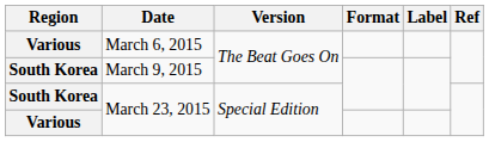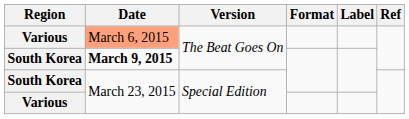 <table class="wikitable plainrowheaders">
 <tr>
 <th scope="col">Region</th>
 <th scope="col">Date</th>
 <th scope="col">Version</th>
 <th scope="col">Format</th>
 <th scope="col">Label</th>
 <th scope="col">Ref</th>
 </tr>
 <tr>
 <th scope="row">Various </th>
-<td>March 6, 2015</td>
+<td style="background: lightsalmon;">March 6, 2015</td>
 <td rowspan="2"><em>The Beat Goes On</em></td>
 <td></td>
 <td></td>
 <td rowspan="2"></td>
 </tr>
 <tr>
 <th scope="row">South Korea</th>
-<td>March 9, 2015</td>
+<td><strong>March 9, 2015</strong></td>
 <td rowspan="2"></td>
 <td rowspan="2"></td>
 </tr>
 <tr>
 <th scope="row">South Korea</th>
 <td rowspan="2">March 23, 2015</td>
 <td rowspan="2"><em>Special Edition</em></td>
 <td rowspan="2"></td>
 </tr>
 <tr>
 <th scope="row">Various </th>
 <td></td>
 <td></td>
 </tr>
 </table>
